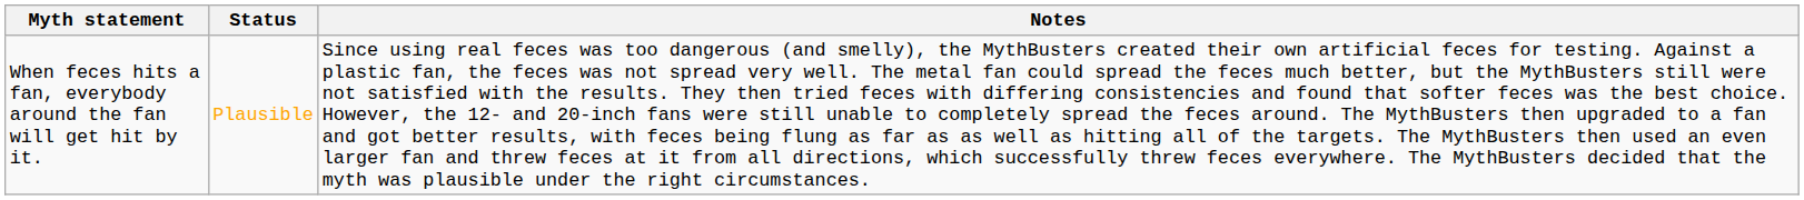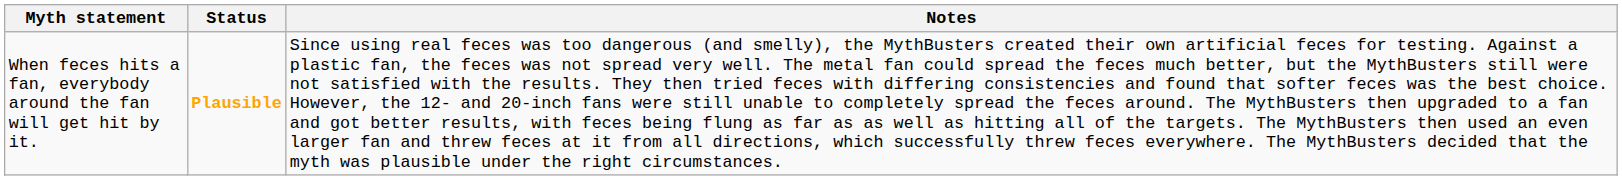 <table class="wikitable plainrowheaders">
 <tr>
 <th>Myth statement</th>
 <th>Status</th>
 <th>Notes</th>
 </tr>
 <tr>
 <td>When feces hits a fan, everybody around the fan will get hit by it.</td>
-<td style="color:orange">Plausible</td>
+<td style="color:orange"><strong>Plausible</strong></td>
 <td>Since using real feces was too dangerous (and smelly), the MythBusters created their own artificial feces for testing. Against a plastic  fan, the feces was not spread very well. The metal  fan could spread the feces much better, but the MythBusters still were not satisfied with the results. They then tried feces with differing consistencies and found that softer feces was the best choice. However, the 12- and 20-inch fans were still unable to completely spread the feces around. The MythBusters then upgraded to a  fan and got better results, with feces being flung as far as  as well as hitting all of the targets. The MythBusters then used an even larger fan and threw feces at it from all directions, which successfully threw feces everywhere. The MythBusters decided that the myth was plausible under the right circumstances.</td>
 </tr>
 </table>
